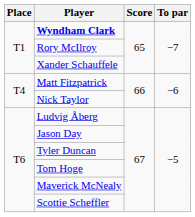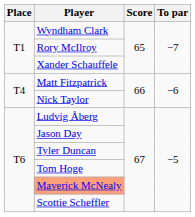 <table class="wikitable">
 <tr>
 <th>Place</th>
 <th>Player</th>
 <th>Score</th>
 <th>To par</th>
 </tr>
 <tr>
 <td rowspan=3 align=center>T1</td>
-<td><strong> <a href='#'>Wyndham Clark</a></strong></td>
+<td> <a href='#'>Wyndham Clark</a></td>
 <td rowspan=3 align=center>65</td>
 <td rowspan=3 align=center>−7</td>
 </tr>
 <tr>
 <td> <a href='#'>Rory McIlroy</a></td>
 </tr>
 <tr>
 <td> <a href='#'>Xander Schauffele</a></td>
 </tr>
 <tr>
 <td rowspan=2 align=center>T4</td>
 <td> <a href='#'>Matt Fitzpatrick</a></td>
 <td rowspan=2 align=center>66</td>
 <td rowspan=2 align=center>−6</td>
 </tr>
 <tr>
 <td> <a href='#'>Nick Taylor</a></td>
 </tr>
 <tr>
 <td rowspan=6 align=center>T6</td>
 <td> <a href='#'>Ludvig Åberg</a></td>
 <td rowspan=6 align=center>67</td>
 <td rowspan=6 align=center>−5</td>
 </tr>
 <tr>
 <td> <a href='#'>Jason Day</a></td>
 </tr>
 <tr>
 <td> <a href='#'>Tyler Duncan</a></td>
 </tr>
 <tr>
 <td> <a href='#'>Tom Hoge</a></td>
 </tr>
 <tr>
-<td> <a href='#'>Maverick McNealy</a></td>
+<td style="background: lightsalmon;"> <a href='#'>Maverick McNealy</a></td>
 </tr>
 <tr>
 <td> <a href='#'>Scottie Scheffler</a></td>
 </tr>
 </table>
